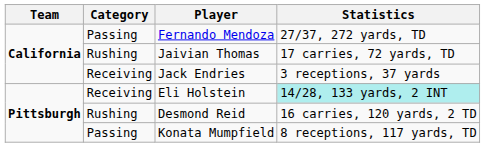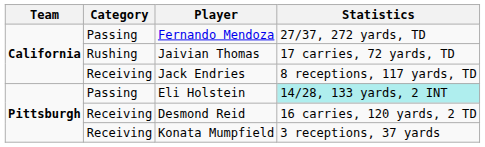 <table class="wikitable" style="float: right;">
 <tr>
 <th>Team</th>
 <th>Category</th>
 <th>Player</th>
 <th>Statistics</th>
 </tr>
 <tr>
 <td rowspan=3><strong>California</strong></td>
 <td>Passing</td>
 <td><a href='#'>Fernando Mendoza</a></td>
 <td>27/37, 272 yards, TD</td>
 </tr>
 <tr>
 <td>Rushing</td>
 <td>Jaivian Thomas</td>
 <td>17 carries, 72 yards, TD</td>
 </tr>
 <tr>
 <td>Receiving</td>
 <td>Jack Endries</td>
-<td>3 receptions, 37 yards</td>
+<td>8 receptions, 117 yards, TD</td>
 </tr>
 <tr>
 <td rowspan=3><strong>Pittsburgh</strong></td>
-<td>Receiving</td>
+<td>Passing</td>
 <td>Eli Holstein</td>
 <td style="background: paleturquoise;">14/28, 133 yards, 2 INT</td>
 </tr>
 <tr>
-<td>Rushing</td>
+<td>Receiving</td>
 <td>Desmond Reid</td>
 <td>16 carries, 120 yards, 2 TD</td>
 </tr>
 <tr>
-<td>Passing</td>
+<td>Receiving</td>
 <td>Konata Mumpfield</td>
-<td>8 receptions, 117 yards, TD</td>
+<td>3 receptions, 37 yards</td>
 </tr>
 </table>
